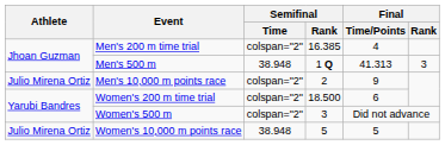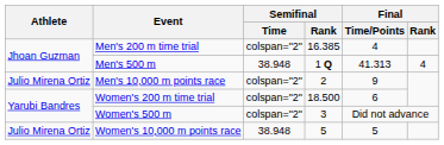 <table class="wikitable" border="1" style="font-size:90%">
 <tr>
 <th rowspan=2>Athlete</th>
 <th rowspan=2>Event</th>
 <th colspan=2>Semifinal</th>
 <th colspan=2>Final</th>
 </tr>
 <tr>
 <th>Time</th>
 <th>Rank</th>
 <th>Time/Points</th>
 <th>Rank</th>
 </tr>
 <tr align=center>
 <td rowspan="2" align=left><a href='#'>Jhoan Guzman</a></td>
 <td align=left><a href='#'>Men's 200 m time trial</a></td>
 <td>colspan="2" </td>
 <td>16.385</td>
 <td>4</td>
 </tr>
 <tr align=center>
 <td align=left><a href='#'>Men's 500 m</a></td>
 <td>38.948</td>
 <td>1 <strong>Q</strong></td>
 <td>41.313</td>
-<td>3</td>
+<td>4</td>
 </tr>
 <tr align=center>
 <td align=left><a href='#'>Julio Mirena Ortiz</a></td>
 <td align=left><a href='#'>Men's 10,000 m points race</a></td>
 <td>colspan="2" </td>
 <td>2</td>
 <td>9</td>
 </tr>
 <tr align=center>
 <td rowspan="2" align=left><a href='#'>Yarubi Bandres</a></td>
 <td align=left><a href='#'>Women's 200 m time trial</a></td>
 <td>colspan="2" </td>
 <td>18.500</td>
 <td>6</td>
 </tr>
 <tr align=center>
 <td align=left><a href='#'>Women's 500 m</a></td>
 <td>colspan="2" </td>
 <td>3</td>
 <td colspan="2">Did not advance</td>
 </tr>
 <tr align=center>
 <td align=left><a href='#'>Julio Mirena Ortiz</a></td>
 <td align=left><a href='#'>Women's 10,000 m points race</a></td>
 <td>38.948</td>
 <td>5</td>
 <td>5</td>
 </tr>
 </table>
